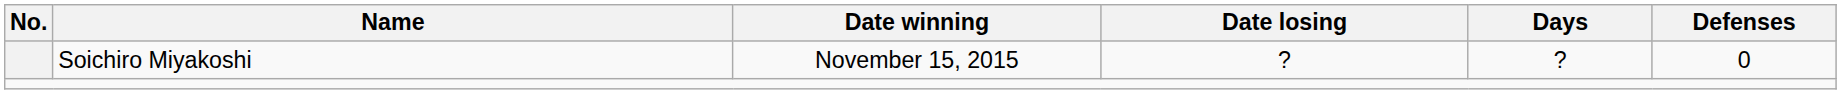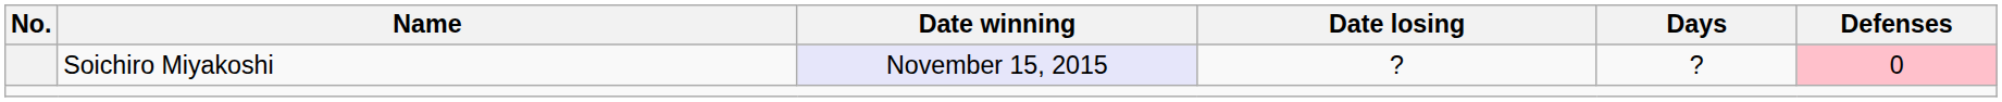 <table class="wikitable" style="width:100%;">
 <tr>
 <th style="width:1%;">No.</th>
 <th style="width:37%;">Name</th>
 <th style="width:20%;">Date winning</th>
 <th style="width:20%;">Date losing</th>
 <th data-sort-type="number" style="width:10%;">Days</th>
 <th data-sort-type="number" style="width:10%;">Defenses</th>
 </tr>
 <tr align=center>
 <th></th>
 <td align=left> Soichiro Miyakoshi</td>
-<td>November 15, 2015</td>
+<td style="background: lavender;">November 15, 2015</td>
 <td>?</td>
 <td>?</td>
-<td>0</td>
+<td style="background: pink;">0</td>
 </tr>
 <tr>
 <td colspan="6"></td>
 </tr>
 </table>
